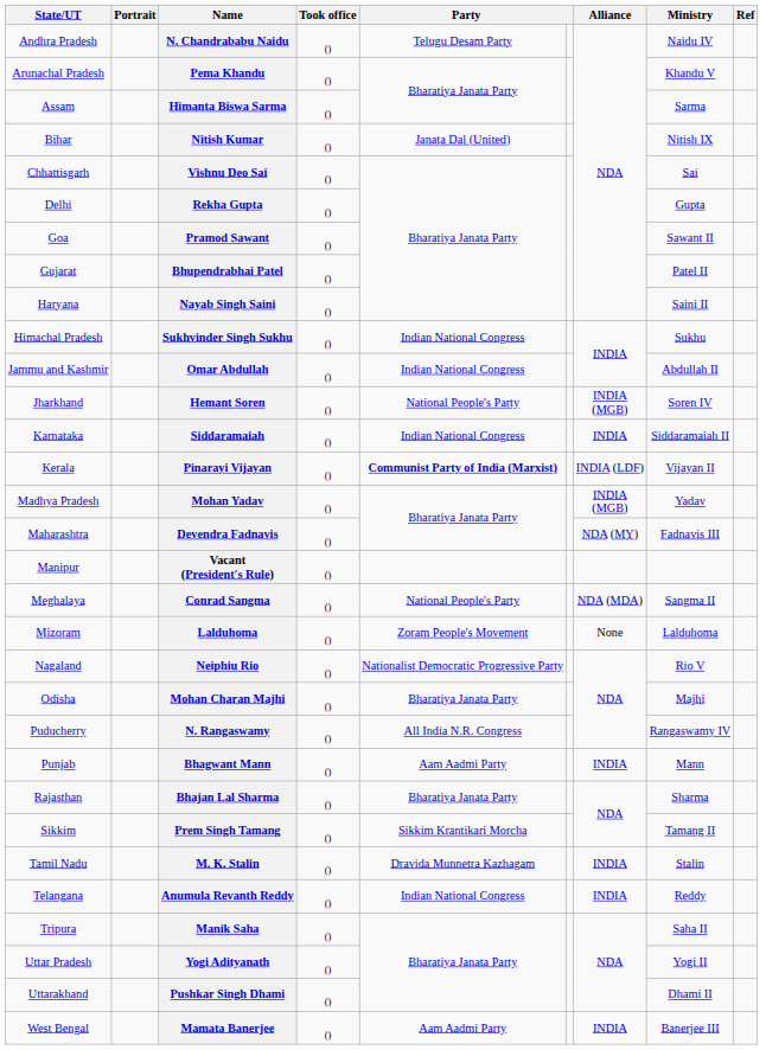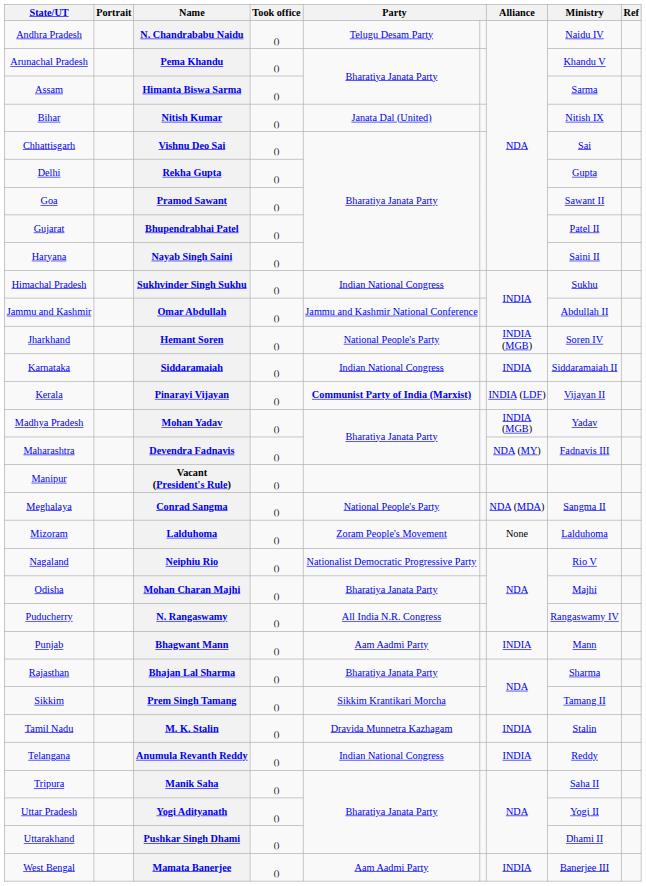 <table class="wikitable sortable" style="text-align:center">
 <tr>
 <th><a href='#'>State/UT</a></th>
 <th scope="col" class="unsortable">Portrait</th>
 <th>Name</th>
 <th>Took office<br></th>
 <th colspan="2">Party</th>
 <th>Alliance</th>
 <th>Ministry</th>
 <th scope="col" class=unsortble>Ref</th>
 </tr>
 <tr>
 <td><a href='#'>Andhra Pradesh</a></td>
 <td></td>
 <th><a href='#'>N. Chandrababu Naidu</a></th>
 <td><br><small>()</small></td>
 <td><a href='#'>Telugu Desam Party</a></td>
 <td></td>
 <td rowspan="9"><a href='#'>NDA</a></td>
 <td><a href='#'>Naidu IV</a></td>
 <td></td>
 </tr>
 <tr>
 <td><a href='#'>Arunachal Pradesh</a></td>
 <td></td>
 <th><a href='#'>Pema Khandu</a></th>
 <td><br><small>()</small></td>
 <td rowspan="2"><a href='#'>Bharatiya Janata Party</a></td>
 <td rowspan="2"></td>
 <td><a href='#'>Khandu V</a></td>
 <td></td>
 </tr>
 <tr>
 <td><a href='#'>Assam</a></td>
 <td></td>
 <th><a href='#'>Himanta Biswa Sarma</a></th>
 <td><br><small>()</small></td>
 <td><a href='#'>Sarma</a></td>
 <td></td>
 </tr>
 <tr>
 <td><a href='#'>Bihar</a></td>
 <td></td>
 <th><a href='#'>Nitish Kumar</a></th>
 <td><br><small>()</small></td>
 <td><a href='#'>Janata Dal (United)</a></td>
 <td></td>
 <td><a href='#'>Nitish IX</a></td>
 <td></td>
 </tr>
 <tr>
 <td><a href='#'>Chhattisgarh</a></td>
 <td></td>
 <th><a href='#'>Vishnu Deo Sai</a></th>
 <td><br><small>()</small></td>
 <td rowspan="5"><a href='#'>Bharatiya Janata Party</a></td>
 <td rowspan="5"></td>
 <td><a href='#'>Sai</a></td>
 <td></td>
 </tr>
 <tr>
 <td><a href='#'>Delhi</a></td>
 <td></td>
 <th><a href='#'>Rekha Gupta</a></th>
 <td><br><small>()</small></td>
 <td><a href='#'>Gupta</a></td>
 <td></td>
 </tr>
 <tr>
 <td><a href='#'>Goa</a></td>
 <td></td>
 <th><a href='#'>Pramod Sawant</a></th>
 <td><br><small>()</small></td>
 <td><a href='#'>Sawant II</a></td>
 <td></td>
 </tr>
 <tr>
 <td><a href='#'>Gujarat</a></td>
 <td><br></td>
 <th><a href='#'>Bhupendrabhai Patel</a></th>
 <td><br><small>()</small></td>
 <td><a href='#'>Patel II</a></td>
 <td></td>
 </tr>
 <tr>
 <td><a href='#'>Haryana</a></td>
 <td></td>
 <th><a href='#'>Nayab Singh Saini</a></th>
 <td><br><small>()</small></td>
 <td><a href='#'>Saini II</a></td>
 <td></td>
 </tr>
 <tr>
 <td><a href='#'>Himachal Pradesh</a></td>
 <td></td>
 <th><a href='#'>Sukhvinder Singh Sukhu</a></th>
 <td><br><small>()</small></td>
 <td><a href='#'>Indian National Congress</a></td>
 <td></td>
 <td rowspan="2"><a href='#'>INDIA</a></td>
 <td><a href='#'>Sukhu</a></td>
 <td></td>
 </tr>
 <tr>
 <td><a href='#'>Jammu and Kashmir</a></td>
 <td></td>
 <th><a href='#'>Omar Abdullah</a></th>
 <td><br><small>()</small></td>
-<td><a href='#'>Indian National Congress</a></td>
+<td><a href='#'>Jammu and Kashmir National Conference</a></td>
 <td></td>
 <td><a href='#'>Abdullah II</a></td>
 <td></td>
 </tr>
 <tr>
 <td><a href='#'>Jharkhand</a></td>
 <td></td>
 <th><a href='#'>Hemant Soren</a></th>
 <td><br><small>()</small></td>
 <td><a href='#'>National People's Party</a></td>
 <td></td>
 <td><a href='#'>INDIA</a><br>(<a href='#'>MGB</a>)</td>
 <td><a href='#'>Soren IV</a></td>
 <td></td>
 </tr>
 <tr>
 <td><a href='#'>Karnataka</a></td>
 <td></td>
 <th><a href='#'>Siddaramaiah</a></th>
 <td><br><small>()</small></td>
 <td><a href='#'>Indian National Congress</a></td>
 <td width="2px"></td>
 <td><a href='#'>INDIA</a></td>
 <td><a href='#'>Siddaramaiah II</a></td>
 <td></td>
 </tr>
 <tr>
 <td><a href='#'>Kerala</a></td>
 <td></td>
 <th><a href='#'>Pinarayi Vijayan</a></th>
 <td><br><small>()</small></td>
 <td><strong><a href='#'>Communist Party of India (Marxist)</a></strong></td>
 <td></td>
 <td><a href='#'>INDIA</a> (<a href='#'>LDF</a>)</td>
 <td><a href='#'>Vijayan II</a></td>
 <td></td>
 </tr>
 <tr>
 <td><a href='#'>Madhya Pradesh</a></td>
 <td></td>
 <th><a href='#'>Mohan Yadav</a></th>
 <td><br><small>()</small></td>
 <td rowspan="2"><a href='#'>Bharatiya Janata Party</a></td>
 <td rowspan="2"></td>
 <td><a href='#'>INDIA</a><br>(<a href='#'>MGB</a>)</td>
 <td><a href='#'>Yadav</a></td>
 <td></td>
 </tr>
 <tr>
 <td><a href='#'>Maharashtra</a></td>
 <td></td>
 <th><a href='#'>Devendra Fadnavis</a></th>
 <td><br><small>()</small></td>
 <td><a href='#'>NDA</a> (<a href='#'>MY</a>)</td>
 <td><a href='#'>Fadnavis III</a></td>
 <td></td>
 </tr>
 <tr>
 <td><a href='#'>Manipur</a></td>
 <td></td>
 <th><strong>Vacant</strong><br>(<a href='#'>President's Rule</a>)</th>
 <td><br><small>()</small></td>
 <td></td>
 <td></td>
 <td></td>
 <td></td>
 <td></td>
 </tr>
 <tr>
 <td><a href='#'>Meghalaya</a></td>
 <td></td>
 <th><a href='#'>Conrad Sangma</a></th>
 <td><br><small>()</small></td>
 <td><a href='#'>National People's Party</a></td>
 <td style="background-color: "></td>
 <td><a href='#'>NDA</a> (<a href='#'>MDA</a>)</td>
 <td><a href='#'>Sangma II</a></td>
 <td></td>
 </tr>
 <tr>
 <td><a href='#'>Mizoram</a></td>
 <td></td>
 <th><a href='#'>Lalduhoma</a></th>
 <td><br><small>()</small></td>
 <td><a href='#'>Zoram People's Movement</a></td>
 <td></td>
 <td>None</td>
 <td><a href='#'>Lalduhoma</a></td>
 <td></td>
 </tr>
 <tr>
 <td><a href='#'>Nagaland</a></td>
 <td></td>
 <th><a href='#'>Neiphiu Rio</a></th>
 <td><br><small>()</small></td>
 <td><a href='#'>Nationalist Democratic Progressive Party</a></td>
 <td></td>
 <td rowspan=3><a href='#'>NDA</a></td>
 <td><a href='#'>Rio V</a></td>
 <td></td>
 </tr>
 <tr>
 <td><a href='#'>Odisha</a></td>
 <td></td>
 <th><a href='#'>Mohan Charan Majhi</a></th>
 <td><br><small>()</small></td>
 <td><a href='#'>Bharatiya Janata Party</a></td>
 <td></td>
 <td><a href='#'>Majhi</a></td>
 <td></td>
 </tr>
 <tr>
 <td><a href='#'>Puducherry</a></td>
 <td></td>
 <th><a href='#'>N. Rangaswamy</a></th>
 <td><br><small>()</small></td>
 <td><a href='#'>All India N.R. Congress</a></td>
 <td></td>
 <td><a href='#'>Rangaswamy IV</a></td>
 <td></td>
 </tr>
 <tr>
 <td><a href='#'>Punjab</a></td>
 <td></td>
 <th><a href='#'>Bhagwant Mann</a></th>
 <td><br><small>()</small></td>
 <td><a href='#'>Aam Aadmi Party</a></td>
 <td></td>
 <td><a href='#'>INDIA</a></td>
 <td><a href='#'>Mann</a></td>
 <td></td>
 </tr>
 <tr>
 <td><a href='#'>Rajasthan</a></td>
 <td></td>
 <th><a href='#'>Bhajan Lal Sharma</a></th>
 <td><br><small>()</small></td>
 <td><a href='#'>Bharatiya Janata Party</a></td>
 <td></td>
 <td rowspan="2"><a href='#'>NDA</a></td>
 <td><a href='#'>Sharma</a></td>
 <td></td>
 </tr>
 <tr>
 <td><a href='#'>Sikkim</a></td>
 <td></td>
 <th><a href='#'>Prem Singh Tamang</a></th>
 <td><br><small>()</small></td>
 <td><a href='#'>Sikkim Krantikari Morcha</a></td>
 <td></td>
 <td><a href='#'>Tamang II</a></td>
 <td></td>
 </tr>
 <tr>
 <td><a href='#'>Tamil Nadu</a></td>
 <td></td>
 <th><a href='#'>M. K. Stalin</a></th>
 <td><br><small>()</small></td>
 <td><a href='#'>Dravida Munnetra Kazhagam</a></td>
 <td></td>
 <td><a href='#'>INDIA</a></td>
 <td><a href='#'>Stalin</a></td>
 <td></td>
 </tr>
 <tr>
 <td><a href='#'>Telangana</a></td>
 <td></td>
 <th><a href='#'>Anumula Revanth Reddy</a></th>
 <td><br><small>()</small></td>
 <td><a href='#'>Indian National Congress</a></td>
 <td></td>
 <td><a href='#'>INDIA</a></td>
 <td><a href='#'>Reddy</a></td>
 <td></td>
 </tr>
 <tr>
 <td><a href='#'>Tripura</a></td>
 <td></td>
 <th><a href='#'>Manik Saha</a></th>
 <td><br><small>()</small></td>
 <td rowspan="3"><a href='#'>Bharatiya Janata Party</a></td>
 <td rowspan="3"></td>
 <td rowspan="3"><a href='#'>NDA</a></td>
 <td><a href='#'>Saha II</a></td>
 <td></td>
 </tr>
 <tr>
 <td><a href='#'>Uttar Pradesh</a></td>
 <td></td>
 <th><a href='#'>Yogi Adityanath</a></th>
 <td><br><small>()</small></td>
 <td><a href='#'>Yogi II</a></td>
 <td></td>
 </tr>
 <tr>
 <td><a href='#'>Uttarakhand</a></td>
 <td></td>
 <th><a href='#'>Pushkar Singh Dhami</a></th>
 <td><br><small>()</small></td>
 <td><a href='#'>Dhami II</a></td>
 <td></td>
 </tr>
 <tr>
 <td><a href='#'>West Bengal</a></td>
 <td></td>
 <th><a href='#'>Mamata Banerjee</a></th>
 <td><br><small>()</small></td>
 <td><a href='#'>Aam Aadmi Party</a></td>
 <td></td>
 <td><a href='#'>INDIA</a></td>
 <td><a href='#'>Banerjee III</a></td>
 <td></td>
 </tr>
 </table>
